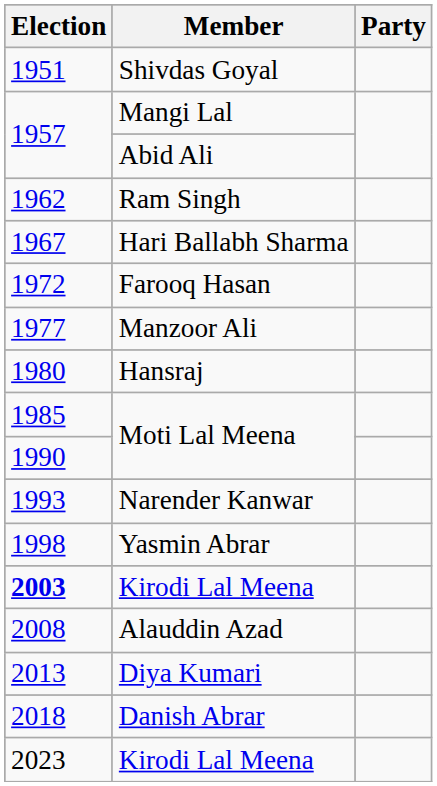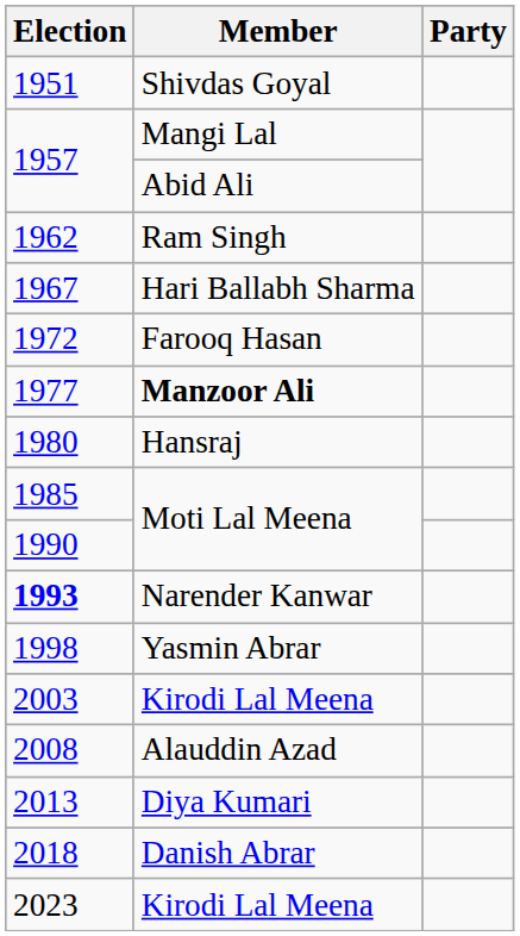 <table class="wikitable sortable">
 <tr>
 <th>Election</th>
 <th>Member</th>
 <th colspan="2">Party</th>
 </tr>
 <tr>
 <td><a href='#'>1951</a></td>
 <td>Shivdas Goyal</td>
 <td></td>
 </tr>
 <tr>
 <td rowspan=2><a href='#'>1957</a></td>
 <td>Mangi Lal</td>
 </tr>
 <tr>
 <td>Abid Ali</td>
 </tr>
 <tr>
 <td><a href='#'>1962</a></td>
 <td>Ram Singh</td>
 <td></td>
 </tr>
 <tr>
 <td><a href='#'>1967</a></td>
 <td>Hari Ballabh Sharma</td>
 </tr>
 <tr>
 <td><a href='#'>1972</a></td>
 <td>Farooq Hasan</td>
 <td></td>
 </tr>
 <tr>
 <td><a href='#'>1977</a></td>
-<td>Manzoor Ali</td>
+<td><strong>Manzoor Ali</strong></td>
 <td></td>
 </tr>
 <tr>
 <td><a href='#'>1980</a></td>
 <td>Hansraj</td>
 <td></td>
 </tr>
 <tr>
 <td><a href='#'>1985</a></td>
 <td rowspan=2>Moti Lal Meena</td>
 <td></td>
 </tr>
 <tr>
 <td><a href='#'>1990</a></td>
 <td></td>
 </tr>
 <tr>
-<td><a href='#'>1993</a></td>
+<td><strong><a href='#'>1993</a></strong></td>
 <td>Narender Kanwar</td>
 <td></td>
 </tr>
 <tr>
 <td><a href='#'>1998</a></td>
 <td>Yasmin Abrar</td>
 <td></td>
 </tr>
 <tr>
-<td><strong><a href='#'>2003</a></strong></td>
+<td><a href='#'>2003</a></td>
 <td><a href='#'>Kirodi Lal Meena</a></td>
 <td></td>
 </tr>
 <tr>
 <td><a href='#'>2008</a></td>
 <td>Alauddin Azad</td>
 <td></td>
 </tr>
 <tr>
 <td><a href='#'>2013</a></td>
 <td><a href='#'>Diya Kumari</a></td>
 <td></td>
 </tr>
 <tr>
 <td><a href='#'>2018</a></td>
 <td><a href='#'>Danish Abrar</a></td>
 <td></td>
 </tr>
 <tr>
 <td>2023</td>
 <td><a href='#'>Kirodi Lal Meena</a></td>
 <td></td>
 </tr>
 </table>
